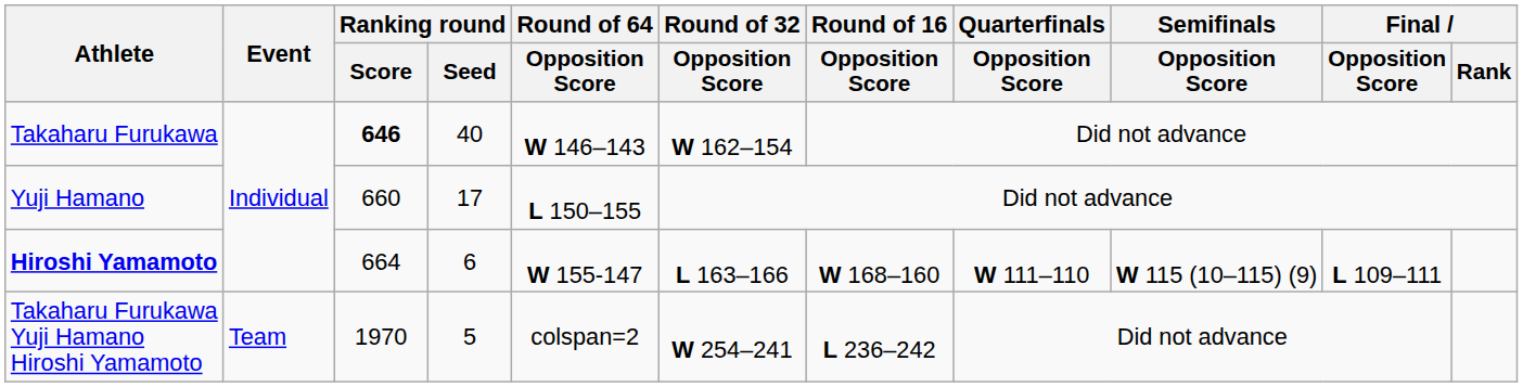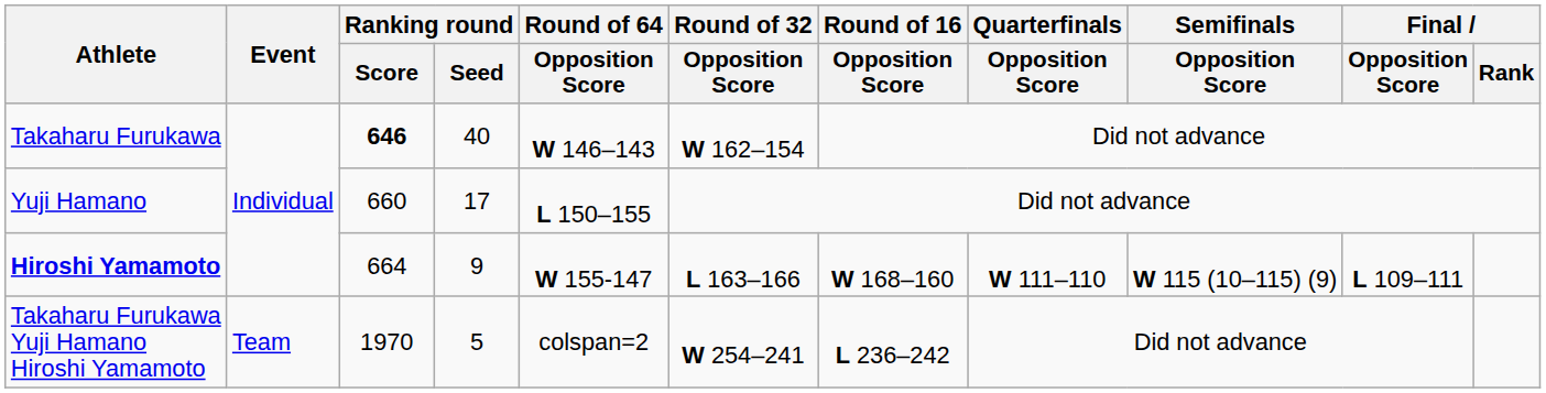 <table class="wikitable" style="font-size:90%">
 <tr>
 <th rowspan="2">Athlete</th>
 <th rowspan="2">Event</th>
 <th colspan="2">Ranking round</th>
 <th>Round of 64</th>
 <th>Round of 32</th>
 <th>Round of 16</th>
 <th>Quarterfinals</th>
 <th>Semifinals</th>
 <th colspan="2">Final / </th>
 </tr>
 <tr style="font-size:95%">
 <th>Score</th>
 <th>Seed</th>
 <th>Opposition<br>Score</th>
 <th>Opposition<br>Score</th>
 <th>Opposition<br>Score</th>
 <th>Opposition<br>Score</th>
 <th>Opposition<br>Score</th>
 <th>Opposition<br>Score</th>
 <th>Rank</th>
 </tr>
 <tr align=center>
 <td align=left><a href='#'>Takaharu Furukawa</a></td>
 <td align=left rowspan=3><a href='#'>Individual</a></td>
 <td><strong>646</strong></td>
 <td>40</td>
 <td><br><strong>W</strong> 146–143</td>
 <td><br><strong>W</strong> 162–154</td>
 <td colspan=5>Did not advance</td>
 </tr>
 <tr align=center>
 <td align=left><a href='#'>Yuji Hamano</a></td>
 <td>660</td>
 <td>17</td>
 <td><br><strong>L</strong> 150–155</td>
 <td colspan=6>Did not advance</td>
 </tr>
 <tr align=center>
 <td align=left><strong><a href='#'>Hiroshi Yamamoto</a></strong></td>
 <td>664</td>
-<td>6</td>
+<td>9</td>
 <td><br><strong>W</strong> 155-147</td>
 <td><br><strong>L</strong> 163–166</td>
 <td><br><strong>W</strong> 168–160</td>
 <td><br><strong>W</strong> 111–110</td>
 <td><br><strong>W</strong> 115 (10–115) (9)</td>
 <td><br><strong>L</strong> 109–111</td>
 <td></td>
 </tr>
 <tr align=center>
 <td align=left><a href='#'>Takaharu Furukawa</a><br><a href='#'>Yuji Hamano</a><br><a href='#'>Hiroshi Yamamoto</a></td>
 <td align=left><a href='#'>Team</a></td>
 <td>1970</td>
 <td>5</td>
 <td>colspan=2 </td>
 <td><br><strong>W</strong> 254–241</td>
 <td><br><strong>L</strong> 236–242</td>
 <td colspan=3>Did not advance</td>
 </tr>
 </table>
